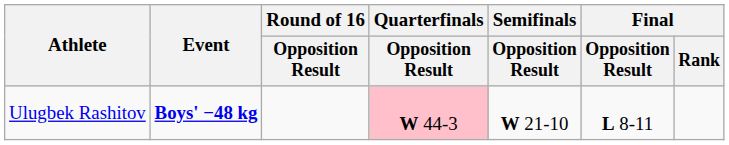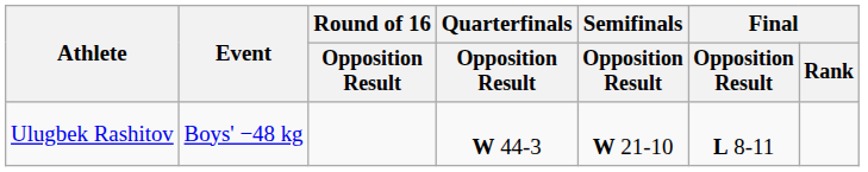 <table class="wikitable" style="font-size:90%;">
 <tr>
 <th rowspan=2>Athlete</th>
 <th rowspan=2>Event</th>
 <th>Round of 16</th>
 <th>Quarterfinals</th>
 <th>Semifinals</th>
 <th colspan=2>Final</th>
 </tr>
 <tr style="font-size:95%">
 <th>Opposition<br>Result</th>
 <th>Opposition<br>Result</th>
 <th>Opposition<br>Result</th>
 <th>Opposition<br>Result</th>
 <th>Rank</th>
 </tr>
 <tr align=center>
 <td align=left><a href='#'>Ulugbek Rashitov</a></td>
-<td align=left><strong><a href='#'>Boys' −48 kg</a></strong></td>
+<td align=left><a href='#'>Boys' −48 kg</a></td>
 <td></td>
-<td style="background: pink;"><br> <strong>W</strong> 44-3</td>
+<td><br> <strong>W</strong> 44-3</td>
 <td><br> <strong>W</strong> 21-10</td>
 <td><br> <strong>L</strong> 8-11</td>
 <td></td>
 </tr>
 </table>
